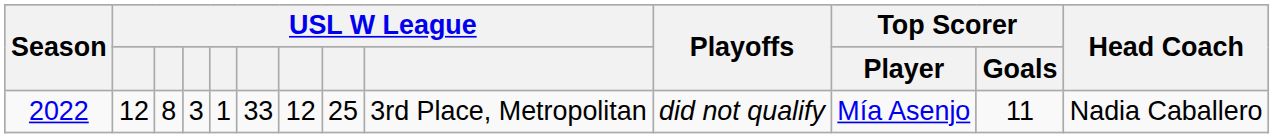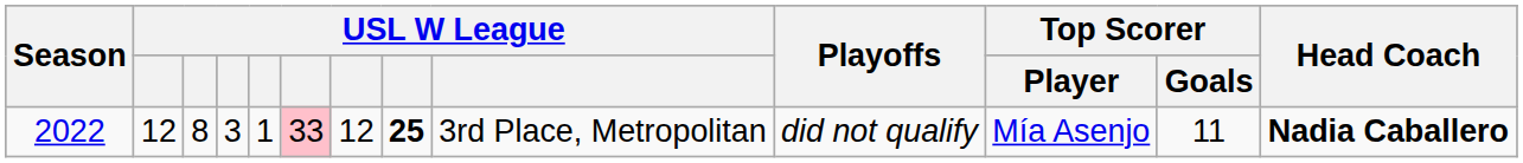 <table class="wikitable" style="text-align: center">
 <tr>
 <th scope="col" rowspan="2">Season</th>
 <th colspan=8 class="unsortable"><a href='#'>USL W League</a></th>
 <th scope="col" rowspan="2" class="unsortable">Playoffs</th>
 <th scope="col" colspan="2" class="unsortable">Top Scorer</th>
 <th scope="col" rowspan="2" class="unsortable">Head Coach</th>
 </tr>
 <tr>
 <th></th>
 <th></th>
 <th></th>
 <th></th>
 <th></th>
 <th></th>
 <th></th>
 <th></th>
 <th class="unsortable">Player</th>
 <th class="unsortable">Goals</th>
 </tr>
 <tr>
 <td><a href='#'>2022</a></td>
 <td>12</td>
 <td>8</td>
 <td>3</td>
 <td>1</td>
-<td>33</td>
+<td style="background: pink;">33</td>
 <td>12</td>
-<td>25</td>
+<td><strong>25</strong></td>
 <td>3rd Place, Metropolitan</td>
 <td><em>did not qualify</em></td>
 <td> <a href='#'>Mía Asenjo</a></td>
 <td>11</td>
-<td> Nadia Caballero</td>
+<td><strong> Nadia Caballero</strong></td>
 </tr>
 </table>
